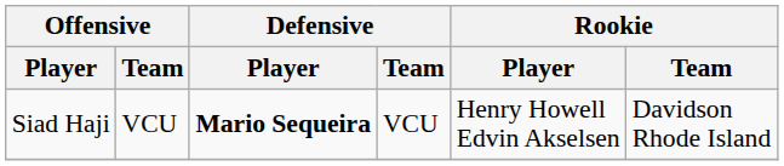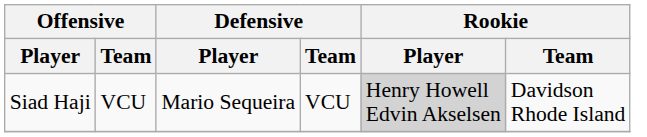 <table class="wikitable">
 <tr>
 <th colspan="2">Offensive</th>
 <th colspan="2">Defensive</th>
 <th colspan="2">Rookie</th>
 </tr>
 <tr>
 <th>Player</th>
 <th>Team</th>
 <th>Player</th>
 <th>Team</th>
 <th>Player</th>
 <th>Team</th>
 </tr>
 <tr>
 <td>Siad Haji</td>
 <td>VCU</td>
-<td><strong>Mario Sequeira</strong></td>
+<td>Mario Sequeira</td>
 <td>VCU</td>
-<td>Henry Howell<br>Edvin Akselsen</td>
+<td style="background: lightgrey;">Henry Howell<br>Edvin Akselsen</td>
 <td>Davidson<br>Rhode Island</td>
 </tr>
 <tr>
 </tr>
 </table>
